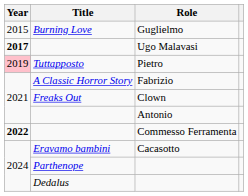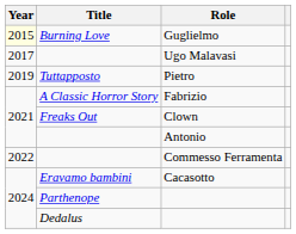 <table class="wikitable sortable">
 <tr>
 <th>Year</th>
 <th>Title</th>
 <th>Role</th>
 <th class="unsortable"></th>
 </tr>
 <tr>
-<td>2015</td>
+<td style="background: lightyellow;">2015</td>
 <td><em><a href='#'>Burning Love</a></em></td>
 <td>Guglielmo</td>
 <td></td>
 </tr>
 <tr>
-<td><strong>2017</strong></td>
+<td>2017</td>
 <td><em></em></td>
 <td>Ugo Malavasi</td>
 <td></td>
 </tr>
 <tr>
-<td style="background: pink;">2019</td>
+<td>2019</td>
 <td><em><a href='#'>Tuttapposto</a></em></td>
 <td>Pietro</td>
 <td></td>
 </tr>
 <tr>
 <td rowspan="3">2021</td>
 <td><em><a href='#'>A Classic Horror Story</a></em></td>
 <td>Fabrizio</td>
 <td></td>
 </tr>
 <tr>
 <td><em><a href='#'>Freaks Out</a></em></td>
 <td>Clown</td>
 <td></td>
 </tr>
 <tr>
 <td><em></em></td>
 <td>Antonio</td>
 <td></td>
 </tr>
 <tr>
-<td><strong>2022</strong></td>
+<td>2022</td>
 <td><em></em></td>
 <td>Commesso Ferramenta</td>
 <td></td>
 </tr>
 <tr>
 <td rowspan="3">2024</td>
 <td><em><a href='#'>Eravamo bambini</a></em></td>
 <td>Cacasotto</td>
 <td></td>
 </tr>
 <tr>
 <td><em><a href='#'>Parthenope</a></em></td>
 <td></td>
 <td></td>
 </tr>
 <tr>
 <td><em>Dedalus</em></td>
 <td></td>
 <td></td>
 </tr>
 </table>
